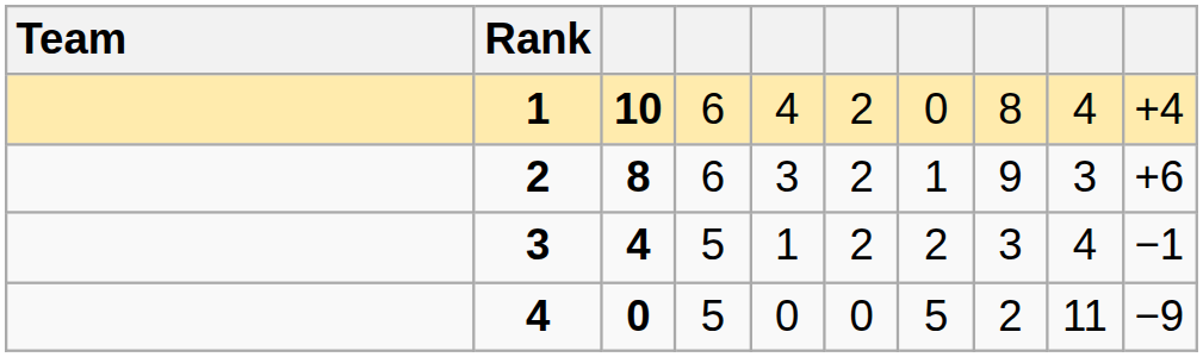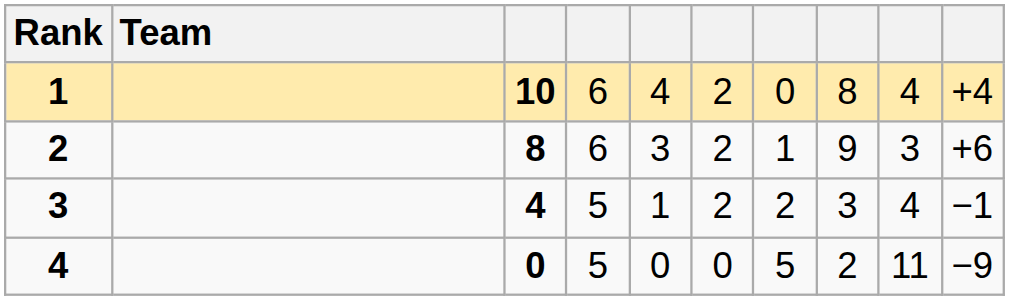 <table class="wikitable" style="text-align:center">
 <tr>
+<th width=30>Rank</th>
 <th width=165 style="text-align:left">Team</th>
-<th width=30>Rank</th>
 <th width=20></th>
 <th width=20></th>
 <th width=20></th>
 <th width=20></th>
 <th width=20></th>
 <th width=20></th>
 <th width=20></th>
 <th width=20></th>
 </tr>
 <tr bgcolor="#ffebad">
+<td><strong>1</strong></td>
 <td align="left"></td>
-<td><strong>1</strong></td>
 <td><strong>10</strong></td>
 <td>6</td>
 <td>4</td>
 <td>2</td>
 <td>0</td>
 <td>8</td>
 <td>4</td>
 <td>+4</td>
 </tr>
 <tr>
+<td><strong>2</strong></td>
 <td align="left"></td>
-<td><strong>2</strong></td>
 <td><strong>8</strong></td>
 <td>6</td>
 <td>3</td>
 <td>2</td>
 <td>1</td>
 <td>9</td>
 <td>3</td>
 <td>+6</td>
 </tr>
 <tr>
+<td><strong>3</strong></td>
 <td align="left"></td>
-<td><strong>3</strong></td>
 <td><strong>4</strong></td>
 <td>5</td>
 <td>1</td>
 <td>2</td>
 <td>2</td>
 <td>3</td>
 <td>4</td>
 <td>−1</td>
 </tr>
 <tr>
+<td><strong>4</strong></td>
 <td align="left"></td>
-<td><strong>4</strong></td>
 <td><strong>0</strong></td>
 <td>5</td>
 <td>0</td>
 <td>0</td>
 <td>5</td>
 <td>2</td>
 <td>11</td>
 <td>−9</td>
 </tr>
 </table>
